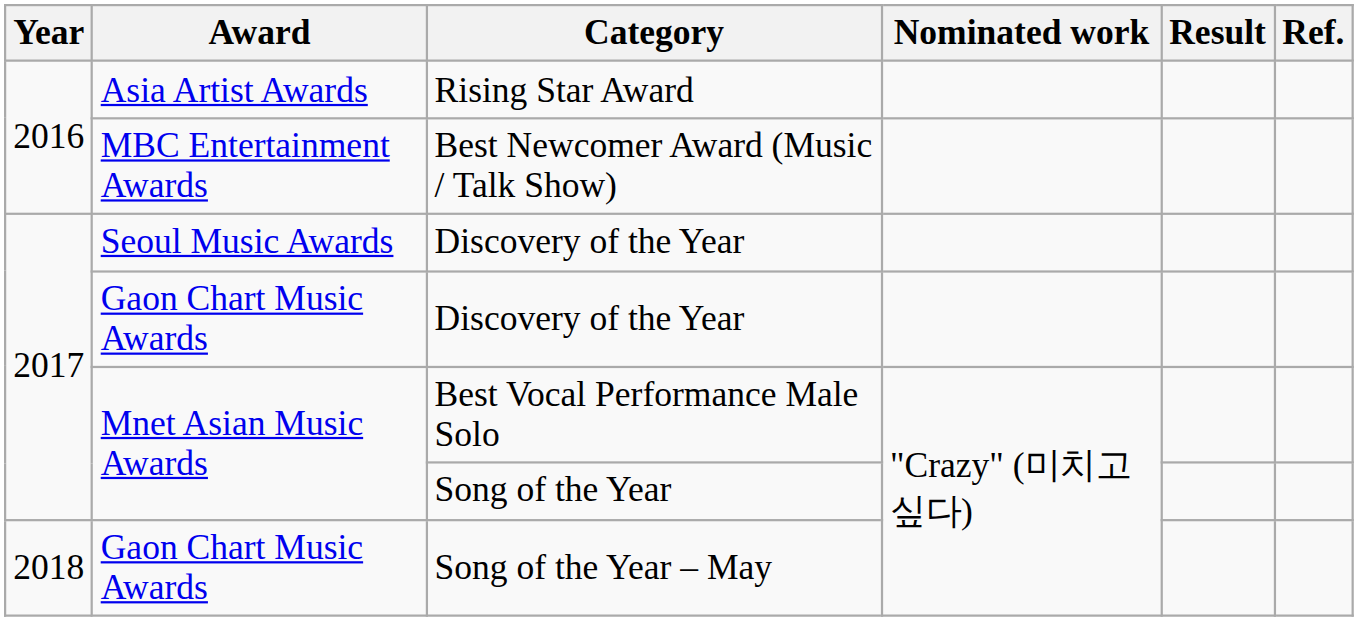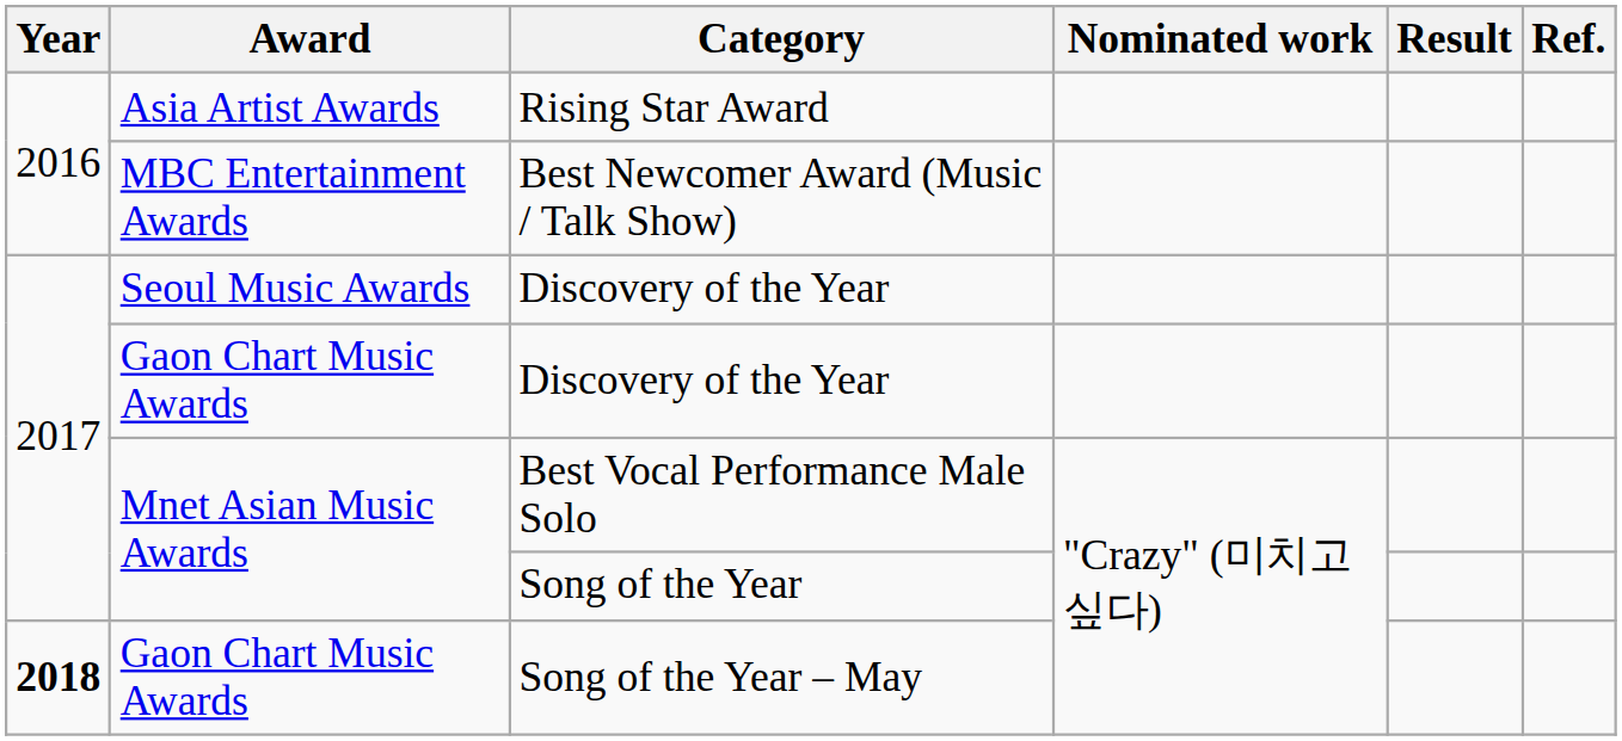 <table class="wikitable">
 <tr>
 <th>Year</th>
 <th>Award</th>
 <th>Category</th>
 <th>Nominated work</th>
 <th>Result</th>
 <th>Ref.</th>
 </tr>
 <tr>
 <td rowspan="2">2016</td>
 <td><a href='#'>Asia Artist Awards</a></td>
 <td>Rising Star Award</td>
 <td></td>
 <td></td>
 <td></td>
 </tr>
 <tr>
 <td><a href='#'>MBC Entertainment Awards</a></td>
 <td>Best Newcomer Award (Music / Talk Show)</td>
 <td></td>
 <td></td>
 <td></td>
 </tr>
 <tr>
 <td rowspan="4">2017</td>
 <td><a href='#'>Seoul Music Awards</a></td>
 <td>Discovery of the Year</td>
 <td></td>
 <td></td>
 <td></td>
 </tr>
 <tr>
 <td><a href='#'>Gaon Chart Music Awards</a></td>
 <td>Discovery of the Year</td>
 <td></td>
 <td></td>
 <td></td>
 </tr>
 <tr>
 <td rowspan="2"><a href='#'>Mnet Asian Music Awards</a></td>
 <td>Best Vocal Performance Male Solo</td>
 <td rowspan="3">"Crazy" (미치고 싶다)</td>
 <td></td>
 <td></td>
 </tr>
 <tr>
 <td>Song of the Year</td>
 <td></td>
 <td></td>
 </tr>
 <tr>
-<td>2018</td>
+<td><strong>2018</strong></td>
 <td><a href='#'>Gaon Chart Music Awards</a></td>
 <td>Song of the Year – May</td>
 <td></td>
 <td></td>
 </tr>
 </table>
